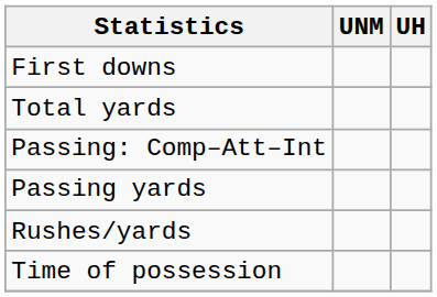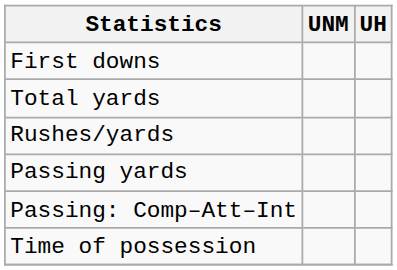 <table class="wikitable" style="float: left;">
 <tr>
 <th>Statistics</th>
 <th>UNM</th>
 <th>UH</th>
 </tr>
 <tr>
 <td>First downs</td>
 <td></td>
 <td></td>
 </tr>
 <tr>
 <td>Total yards</td>
 <td></td>
 <td></td>
 </tr>
 <tr>
-<td>Passing: Comp–Att–Int</td>
+<td>Rushes/yards</td>
 <td></td>
 <td></td>
 </tr>
 <tr>
 <td>Passing yards</td>
 <td></td>
 <td></td>
 </tr>
 <tr>
-<td>Rushes/yards</td>
+<td>Passing: Comp–Att–Int</td>
 <td></td>
 <td></td>
 </tr>
 <tr>
 <td>Time of possession</td>
 <td></td>
 <td></td>
 </tr>
 <tr>
 </tr>
 </table>
